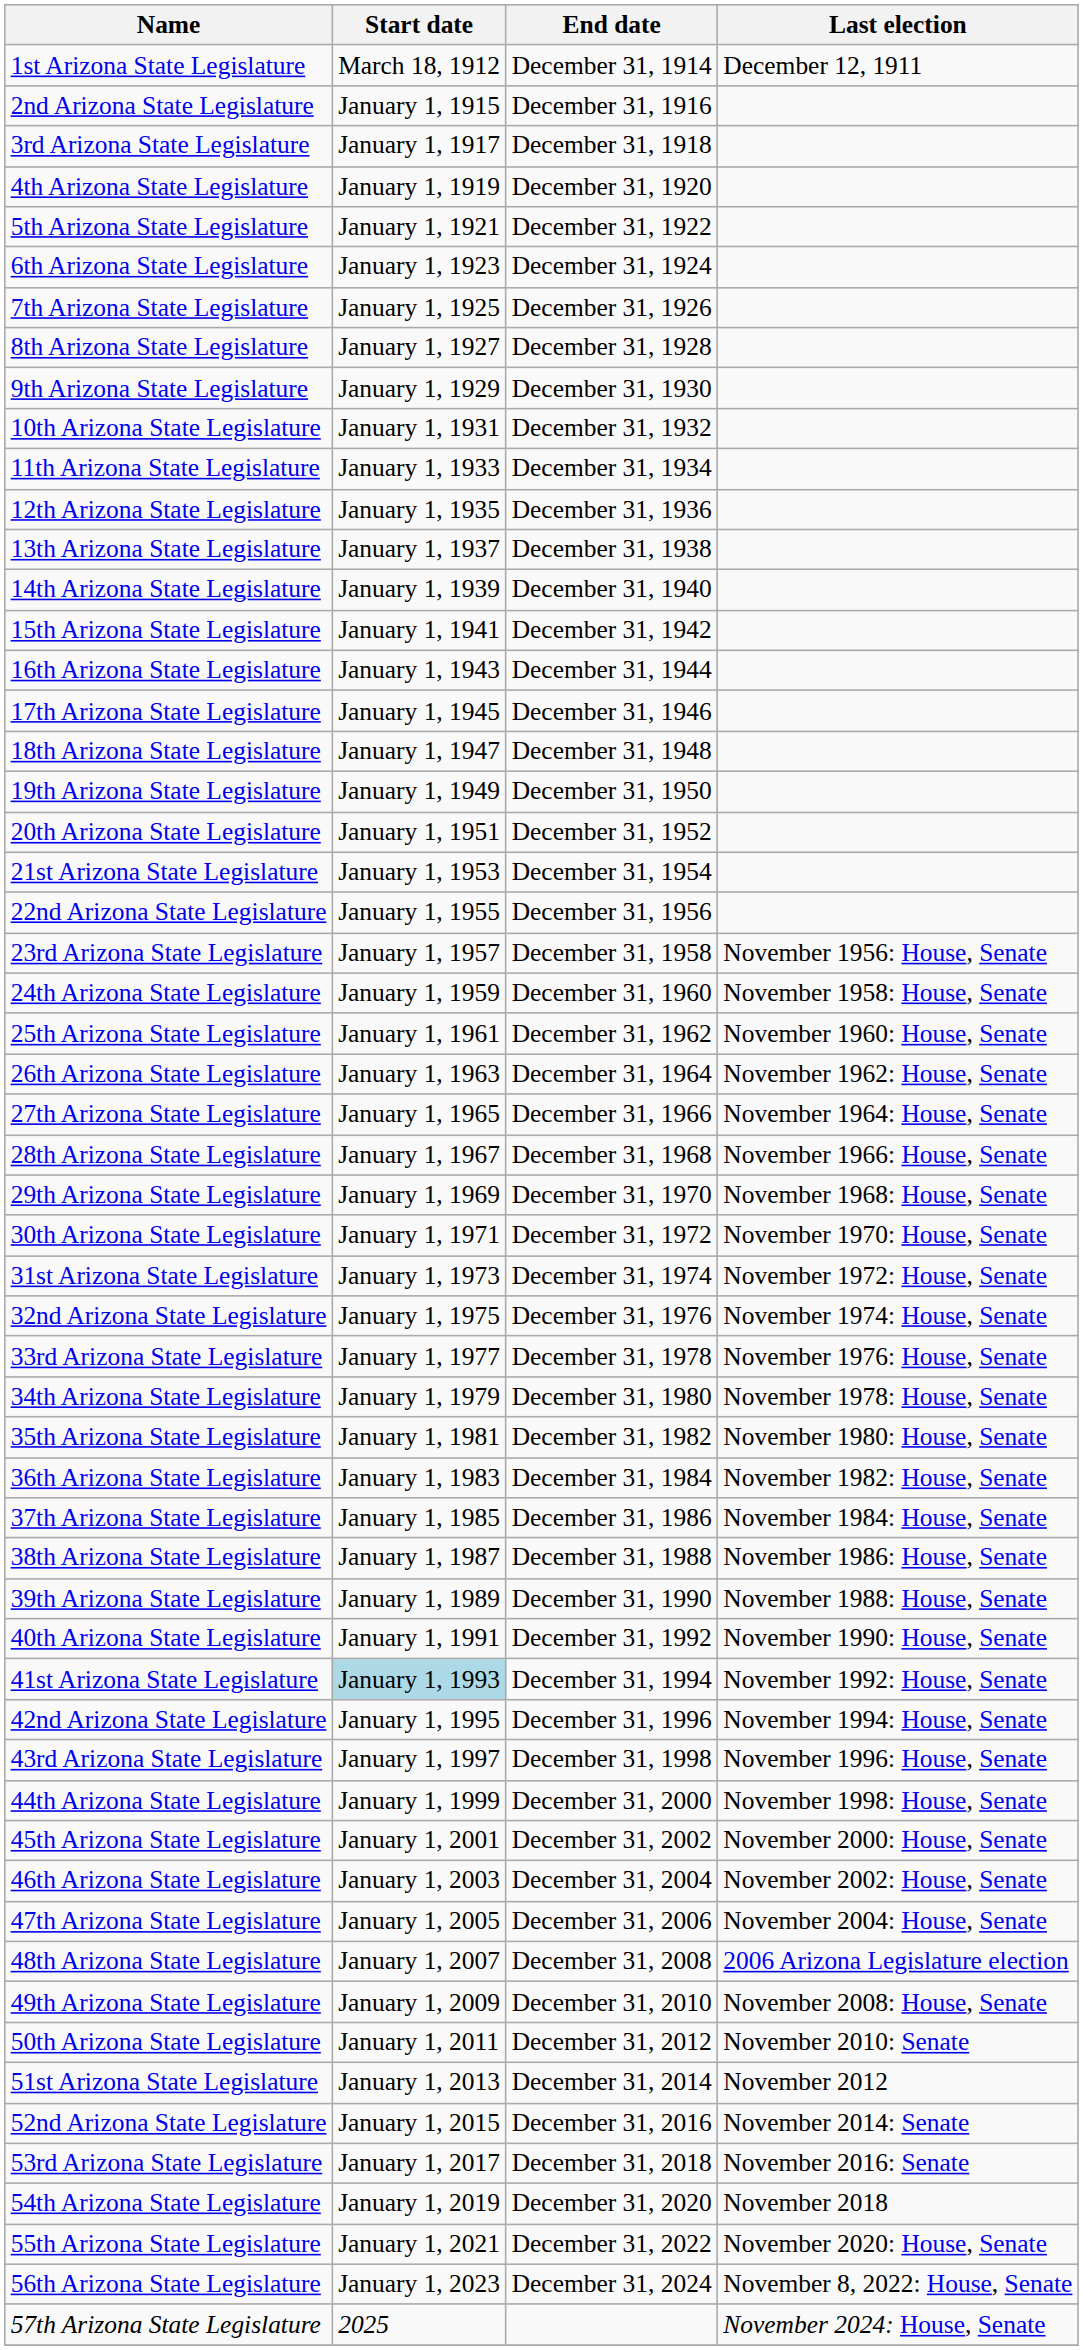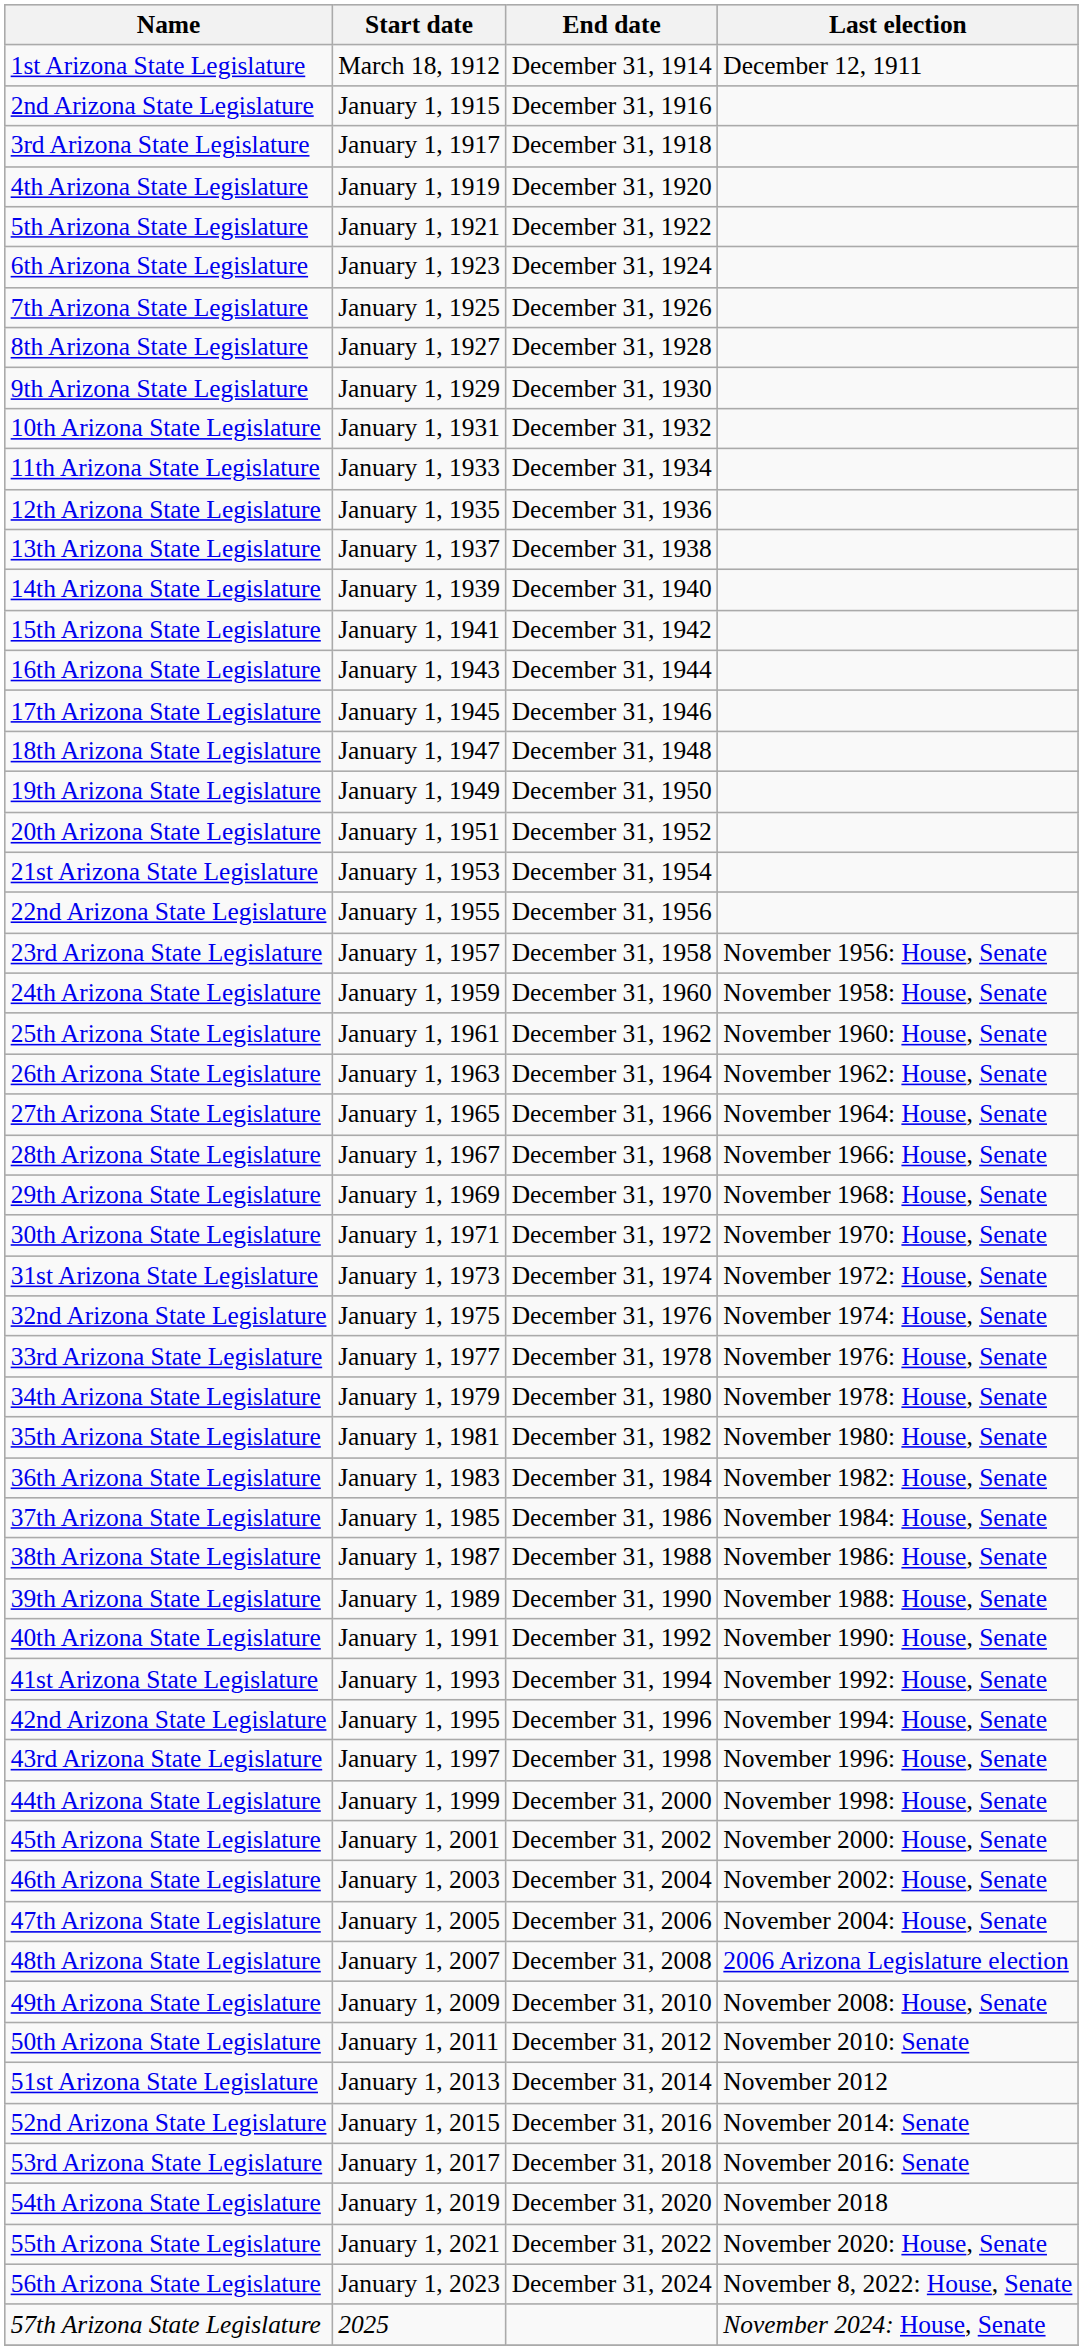 <table class="wikitable mw-datatable sticky-header">
 <tr>
 <th>Name</th>
 <th>Start date</th>
 <th>End date</th>
 <th>Last election</th>
 </tr>
 <tr>
 <td><a href='#'>1st Arizona State Legislature</a></td>
 <td>March 18, 1912</td>
 <td>December 31, 1914</td>
 <td>December 12, 1911</td>
 </tr>
 <tr>
 <td><a href='#'>2nd Arizona State Legislature</a></td>
 <td>January 1, 1915</td>
 <td>December 31, 1916</td>
 <td></td>
 </tr>
 <tr>
 <td><a href='#'>3rd Arizona State Legislature</a></td>
 <td>January 1, 1917</td>
 <td>December 31, 1918</td>
 <td></td>
 </tr>
 <tr>
 <td><a href='#'>4th Arizona State Legislature</a></td>
 <td>January 1, 1919</td>
 <td>December 31, 1920</td>
 <td></td>
 </tr>
 <tr>
 <td><a href='#'>5th Arizona State Legislature</a></td>
 <td>January 1, 1921</td>
 <td>December 31, 1922</td>
 <td></td>
 </tr>
 <tr>
 <td><a href='#'>6th Arizona State Legislature</a></td>
 <td>January 1, 1923</td>
 <td>December 31, 1924</td>
 <td></td>
 </tr>
 <tr>
 <td><a href='#'>7th Arizona State Legislature</a></td>
 <td>January 1, 1925</td>
 <td>December 31, 1926</td>
 <td></td>
 </tr>
 <tr>
 <td><a href='#'>8th Arizona State Legislature</a></td>
 <td>January 1, 1927</td>
 <td>December 31, 1928</td>
 <td></td>
 </tr>
 <tr>
 <td><a href='#'>9th Arizona State Legislature</a></td>
 <td>January 1, 1929</td>
 <td>December 31, 1930</td>
 <td></td>
 </tr>
 <tr>
 <td><a href='#'>10th Arizona State Legislature</a></td>
 <td>January 1, 1931</td>
 <td>December 31, 1932</td>
 <td></td>
 </tr>
 <tr>
 <td><a href='#'>11th Arizona State Legislature</a></td>
 <td>January 1, 1933</td>
 <td>December 31, 1934</td>
 <td></td>
 </tr>
 <tr>
 <td><a href='#'>12th Arizona State Legislature</a></td>
 <td>January 1, 1935</td>
 <td>December 31, 1936</td>
 <td></td>
 </tr>
 <tr>
 <td><a href='#'>13th Arizona State Legislature</a></td>
 <td>January 1, 1937</td>
 <td>December 31, 1938</td>
 <td></td>
 </tr>
 <tr>
 <td><a href='#'>14th Arizona State Legislature</a></td>
 <td>January 1, 1939</td>
 <td>December 31, 1940</td>
 <td></td>
 </tr>
 <tr>
 <td><a href='#'>15th Arizona State Legislature</a></td>
 <td>January 1, 1941</td>
 <td>December 31, 1942</td>
 <td></td>
 </tr>
 <tr>
 <td><a href='#'>16th Arizona State Legislature</a></td>
 <td>January 1, 1943</td>
 <td>December 31, 1944</td>
 <td></td>
 </tr>
 <tr>
 <td><a href='#'>17th Arizona State Legislature</a></td>
 <td>January 1, 1945</td>
 <td>December 31, 1946</td>
 <td></td>
 </tr>
 <tr>
 <td><a href='#'>18th Arizona State Legislature</a></td>
 <td>January 1, 1947</td>
 <td>December 31, 1948</td>
 <td></td>
 </tr>
 <tr>
 <td><a href='#'>19th Arizona State Legislature</a></td>
 <td>January 1, 1949</td>
 <td>December 31, 1950</td>
 <td></td>
 </tr>
 <tr>
 <td><a href='#'>20th Arizona State Legislature</a></td>
 <td>January 1, 1951</td>
 <td>December 31, 1952</td>
 <td></td>
 </tr>
 <tr>
 <td><a href='#'>21st Arizona State Legislature</a></td>
 <td>January 1, 1953</td>
 <td>December 31, 1954</td>
 <td></td>
 </tr>
 <tr>
 <td><a href='#'>22nd Arizona State Legislature</a></td>
 <td>January 1, 1955</td>
 <td>December 31, 1956</td>
 <td></td>
 </tr>
 <tr>
 <td><a href='#'>23rd Arizona State Legislature</a></td>
 <td>January 1, 1957</td>
 <td>December 31, 1958</td>
 <td>November 1956: <a href='#'>House</a>, <a href='#'>Senate</a></td>
 </tr>
 <tr>
 <td><a href='#'>24th Arizona State Legislature</a></td>
 <td>January 1, 1959</td>
 <td>December 31, 1960</td>
 <td>November 1958: <a href='#'>House</a>, <a href='#'>Senate</a></td>
 </tr>
 <tr>
 <td><a href='#'>25th Arizona State Legislature</a></td>
 <td>January 1, 1961</td>
 <td>December 31, 1962</td>
 <td>November 1960: <a href='#'>House</a>, <a href='#'>Senate</a></td>
 </tr>
 <tr>
 <td><a href='#'>26th Arizona State Legislature</a></td>
 <td>January 1, 1963</td>
 <td>December 31, 1964</td>
 <td>November 1962: <a href='#'>House</a>, <a href='#'>Senate</a></td>
 </tr>
 <tr>
 <td><a href='#'>27th Arizona State Legislature</a></td>
 <td>January 1, 1965</td>
 <td>December 31, 1966</td>
 <td>November 1964: <a href='#'>House</a>, <a href='#'>Senate</a></td>
 </tr>
 <tr>
 <td><a href='#'>28th Arizona State Legislature</a></td>
 <td>January 1, 1967</td>
 <td>December 31, 1968</td>
 <td>November 1966: <a href='#'>House</a>, <a href='#'>Senate</a></td>
 </tr>
 <tr>
 <td><a href='#'>29th Arizona State Legislature</a></td>
 <td>January 1, 1969</td>
 <td>December 31, 1970</td>
 <td>November 1968: <a href='#'>House</a>, <a href='#'>Senate</a></td>
 </tr>
 <tr>
 <td><a href='#'>30th Arizona State Legislature</a></td>
 <td>January 1, 1971</td>
 <td>December 31, 1972</td>
 <td>November 1970: <a href='#'>House</a>, <a href='#'>Senate</a></td>
 </tr>
 <tr>
 <td><a href='#'>31st Arizona State Legislature</a></td>
 <td>January 1, 1973</td>
 <td>December 31, 1974</td>
 <td>November 1972: <a href='#'>House</a>, <a href='#'>Senate</a></td>
 </tr>
 <tr>
 <td><a href='#'>32nd Arizona State Legislature</a></td>
 <td>January 1, 1975</td>
 <td>December 31, 1976</td>
 <td>November 1974: <a href='#'>House</a>, <a href='#'>Senate</a></td>
 </tr>
 <tr>
 <td><a href='#'>33rd Arizona State Legislature</a></td>
 <td>January 1, 1977</td>
 <td>December 31, 1978</td>
 <td>November 1976: <a href='#'>House</a>, <a href='#'>Senate</a></td>
 </tr>
 <tr>
 <td><a href='#'>34th Arizona State Legislature</a></td>
 <td>January 1, 1979</td>
 <td>December 31, 1980</td>
 <td>November 1978: <a href='#'>House</a>, <a href='#'>Senate</a></td>
 </tr>
 <tr>
 <td><a href='#'>35th Arizona State Legislature</a></td>
 <td>January 1, 1981</td>
 <td>December 31, 1982</td>
 <td>November 1980: <a href='#'>House</a>, <a href='#'>Senate</a></td>
 </tr>
 <tr>
 <td><a href='#'>36th Arizona State Legislature</a></td>
 <td>January 1, 1983</td>
 <td>December 31, 1984</td>
 <td>November 1982: <a href='#'>House</a>, <a href='#'>Senate</a></td>
 </tr>
 <tr>
 <td><a href='#'>37th Arizona State Legislature</a></td>
 <td>January 1, 1985</td>
 <td>December 31, 1986</td>
 <td>November 1984: <a href='#'>House</a>, <a href='#'>Senate</a></td>
 </tr>
 <tr>
 <td><a href='#'>38th Arizona State Legislature</a></td>
 <td>January 1, 1987</td>
 <td>December 31, 1988</td>
 <td>November 1986: <a href='#'>House</a>, <a href='#'>Senate</a></td>
 </tr>
 <tr>
 <td><a href='#'>39th Arizona State Legislature</a></td>
 <td>January 1, 1989</td>
 <td>December 31, 1990</td>
 <td>November 1988: <a href='#'>House</a>, <a href='#'>Senate</a></td>
 </tr>
 <tr>
 <td><a href='#'>40th Arizona State Legislature</a></td>
 <td>January 1, 1991</td>
 <td>December 31, 1992</td>
 <td>November 1990: <a href='#'>House</a>, <a href='#'>Senate</a></td>
 </tr>
 <tr>
 <td><a href='#'>41st Arizona State Legislature</a></td>
-<td style="background: lightblue;">January 1, 1993</td>
+<td>January 1, 1993</td>
 <td>December 31, 1994</td>
 <td>November 1992: <a href='#'>House</a>, <a href='#'>Senate</a></td>
 </tr>
 <tr>
 <td><a href='#'>42nd Arizona State Legislature</a></td>
 <td>January 1, 1995</td>
 <td>December 31, 1996</td>
 <td>November 1994: <a href='#'>House</a>, <a href='#'>Senate</a></td>
 </tr>
 <tr>
 <td><a href='#'>43rd Arizona State Legislature</a></td>
 <td>January 1, 1997</td>
 <td>December 31, 1998</td>
 <td>November 1996: <a href='#'>House</a>, <a href='#'>Senate</a></td>
 </tr>
 <tr>
 <td><a href='#'>44th Arizona State Legislature</a></td>
 <td>January 1, 1999</td>
 <td>December 31, 2000</td>
 <td>November 1998: <a href='#'>House</a>, <a href='#'>Senate</a></td>
 </tr>
 <tr>
 <td><a href='#'>45th Arizona State Legislature</a></td>
 <td>January 1, 2001</td>
 <td>December 31, 2002</td>
 <td>November 2000: <a href='#'>House</a>, <a href='#'>Senate</a></td>
 </tr>
 <tr>
 <td><a href='#'>46th Arizona State Legislature</a></td>
 <td>January 1, 2003</td>
 <td>December 31, 2004</td>
 <td>November 2002: <a href='#'>House</a>, <a href='#'>Senate</a></td>
 </tr>
 <tr>
 <td><a href='#'>47th Arizona State Legislature</a></td>
 <td>January 1, 2005</td>
 <td>December 31, 2006</td>
 <td>November 2004: <a href='#'>House</a>, <a href='#'>Senate</a></td>
 </tr>
 <tr>
 <td><a href='#'>48th Arizona State Legislature</a></td>
 <td>January 1, 2007</td>
 <td>December 31, 2008</td>
 <td><a href='#'>2006 Arizona Legislature election</a></td>
 </tr>
 <tr>
 <td><a href='#'>49th Arizona State Legislature</a></td>
 <td>January 1, 2009</td>
 <td>December 31, 2010</td>
 <td>November 2008: <a href='#'>House</a>, <a href='#'>Senate</a></td>
 </tr>
 <tr>
 <td><a href='#'>50th Arizona State Legislature</a></td>
 <td>January 1, 2011</td>
 <td>December 31, 2012</td>
 <td>November 2010: <a href='#'>Senate</a></td>
 </tr>
 <tr>
 <td><a href='#'>51st Arizona State Legislature</a></td>
 <td>January 1, 2013</td>
 <td>December 31, 2014</td>
 <td>November 2012</td>
 </tr>
 <tr>
 <td><a href='#'>52nd Arizona State Legislature</a></td>
 <td>January 1, 2015</td>
 <td>December 31, 2016</td>
 <td>November 2014: <a href='#'>Senate</a></td>
 </tr>
 <tr>
 <td><a href='#'>53rd Arizona State Legislature</a></td>
 <td>January 1, 2017</td>
 <td>December 31, 2018</td>
 <td>November 2016: <a href='#'>Senate</a></td>
 </tr>
 <tr>
 <td><a href='#'>54th Arizona State Legislature</a></td>
 <td>January 1, 2019</td>
 <td>December 31, 2020</td>
 <td>November 2018</td>
 </tr>
 <tr>
 <td><a href='#'>55th Arizona State Legislature</a></td>
 <td>January 1, 2021</td>
 <td>December 31, 2022</td>
 <td>November 2020: <a href='#'>House</a>, <a href='#'>Senate</a></td>
 </tr>
 <tr>
 <td><a href='#'>56th Arizona State Legislature</a></td>
 <td>January 1, 2023</td>
 <td>December 31, 2024</td>
 <td>November 8, 2022: <a href='#'>House</a>, <a href='#'>Senate</a></td>
 </tr>
 <tr>
 <td><em>57th Arizona State Legislature</em></td>
 <td><em>2025</em></td>
 <td></td>
 <td><em>November 2024:</em> <a href='#'>House</a>, <a href='#'>Senate</a></td>
 </tr>
 <tr>
 </tr>
 </table>
